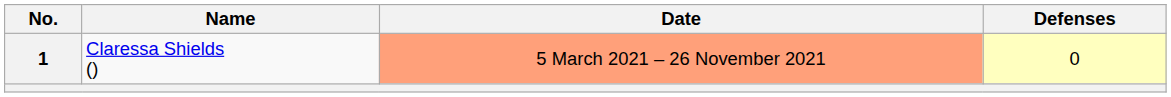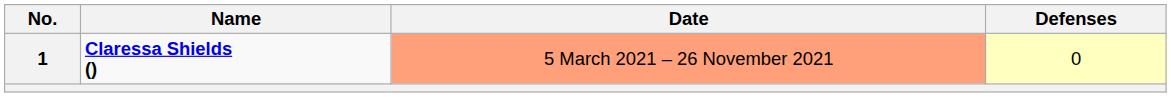 <table class="wikitable sortable" style="width:80%;">
 <tr>
 <th>No.</th>
 <th>Name</th>
 <th>Date</th>
 <th>Defenses</th>
 </tr>
 <tr align=center>
 <th>1</th>
-<td align=left><a href='#'>Claressa Shields</a><br>()</td>
+<td align=left><strong><a href='#'>Claressa Shields</a><br>()</strong></td>
 <td style="background: lightsalmon;">5 March 2021 – 26 November 2021</td>
 <td style="background:#ffffbf;">0</td>
 </tr>
 <tr>
 <th colspan=4></th>
 </tr>
 </table>
